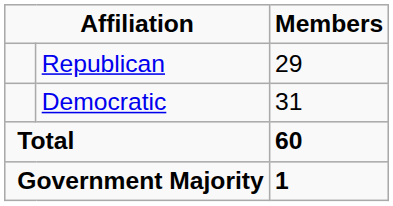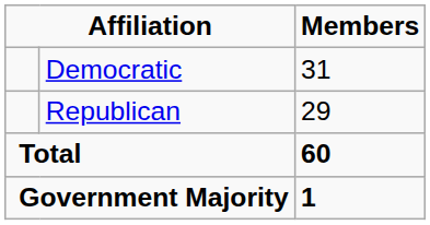 <table class="wikitable">
 <tr>
 <td colspan="2" rowspan="1" align="center" valign="top"><strong>Affiliation</strong></td>
 <td style="vertical-align:top;"><strong>Members</strong></td>
 </tr>
 <tr>
 <td style="background-color:"> </td>
-<td><a href='#'>Republican</a></td>
-<td>29</td>
+<td><a href='#'>Democratic</a></td>
+<td>31</td>
 </tr>
 <tr>
 <td style="background-color:"> </td>
-<td><a href='#'>Democratic</a></td>
-<td>31</td>
+<td><a href='#'>Republican</a></td>
+<td>29</td>
 </tr>
 <tr>
 <td colspan="2" rowspan="1"> <strong>Total</strong></td>
 <td><strong>60</strong></td>
 </tr>
 <tr>
 <td colspan="2" rowspan="1"> <strong>Government Majority</strong></td>
 <td><strong>1</strong></td>
 </tr>
 </table>
